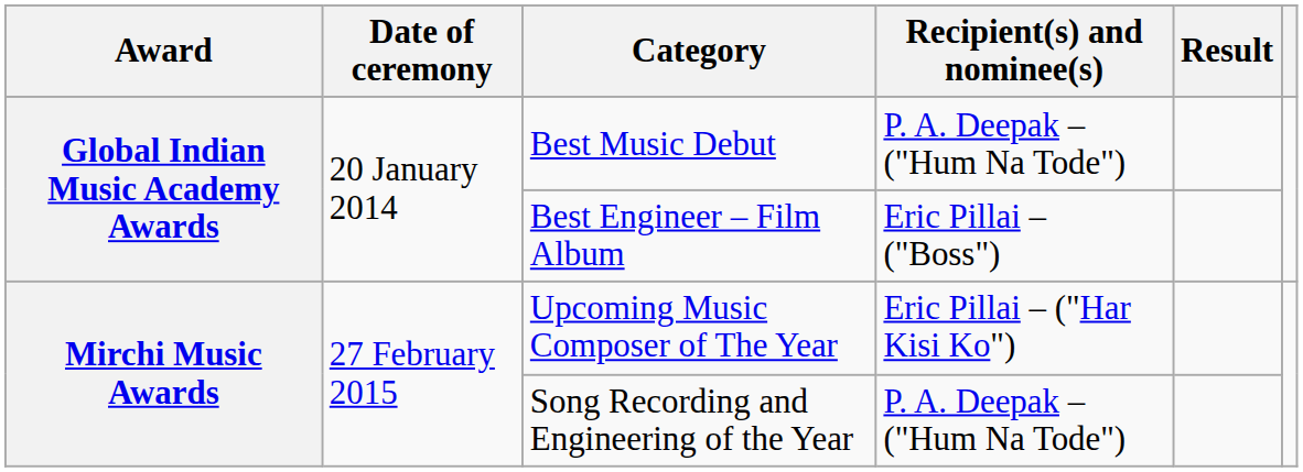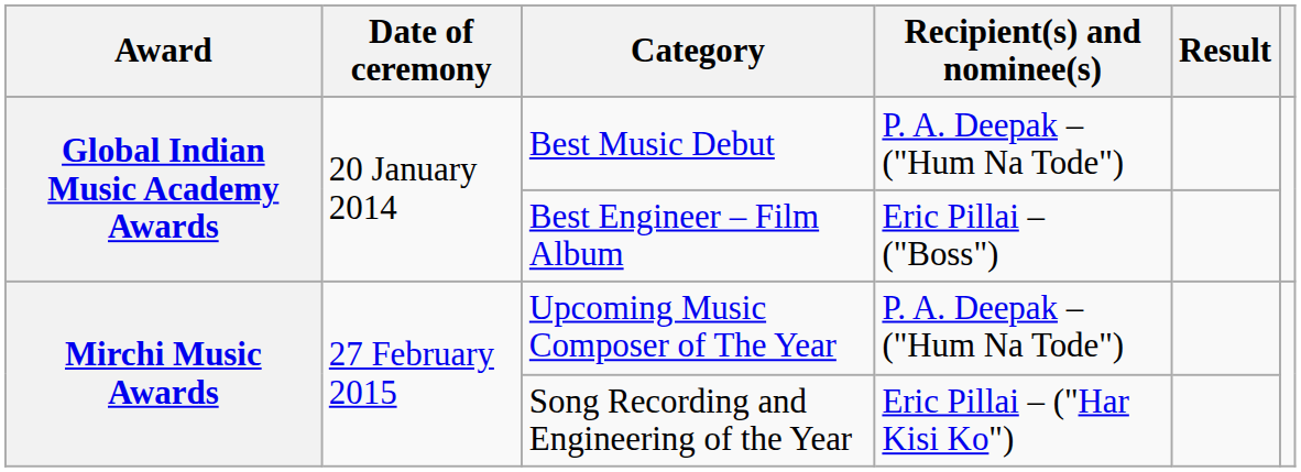 <table class="wikitable plainrowheaders sortable">
 <tr>
 <th scope="col">Award</th>
 <th scope="col">Date of ceremony</th>
 <th scope="col">Category</th>
 <th scope="col">Recipient(s) and nominee(s)</th>
 <th scope="col">Result</th>
 <th scope="col" class="unsortable"></th>
 </tr>
 <tr>
 <th rowspan="2" scope="row"><a href='#'>Global Indian Music Academy Awards</a></th>
 <td rowspan="2">20 January 2014</td>
 <td><a href='#'>Best Music Debut</a></td>
 <td><a href='#'>P. A. Deepak</a> – ("Hum Na Tode")</td>
 <td></td>
 <td rowspan="2" align="center"></td>
 </tr>
 <tr>
 <td><a href='#'>Best Engineer – Film Album</a></td>
 <td><a href='#'>Eric Pillai</a> – ("Boss")</td>
 <td></td>
 </tr>
 <tr>
 <th rowspan="2" scope="row"><a href='#'>Mirchi Music Awards</a></th>
 <td rowspan="2"><a href='#'>27 February 2015</a></td>
 <td><a href='#'>Upcoming Music Composer of The Year</a></td>
-<td><a href='#'>Eric Pillai</a> – ("<a href='#'>Har Kisi Ko</a>")</td>
+<td><a href='#'>P. A. Deepak</a> – ("Hum Na Tode")</td>
 <td></td>
 <td rowspan="2" align="center"></td>
 </tr>
 <tr>
 <td>Song Recording and Engineering of the Year</td>
-<td><a href='#'>P. A. Deepak</a> – ("Hum Na Tode")</td>
+<td><a href='#'>Eric Pillai</a> – ("<a href='#'>Har Kisi Ko</a>")</td>
 <td></td>
 </tr>
 </table>
